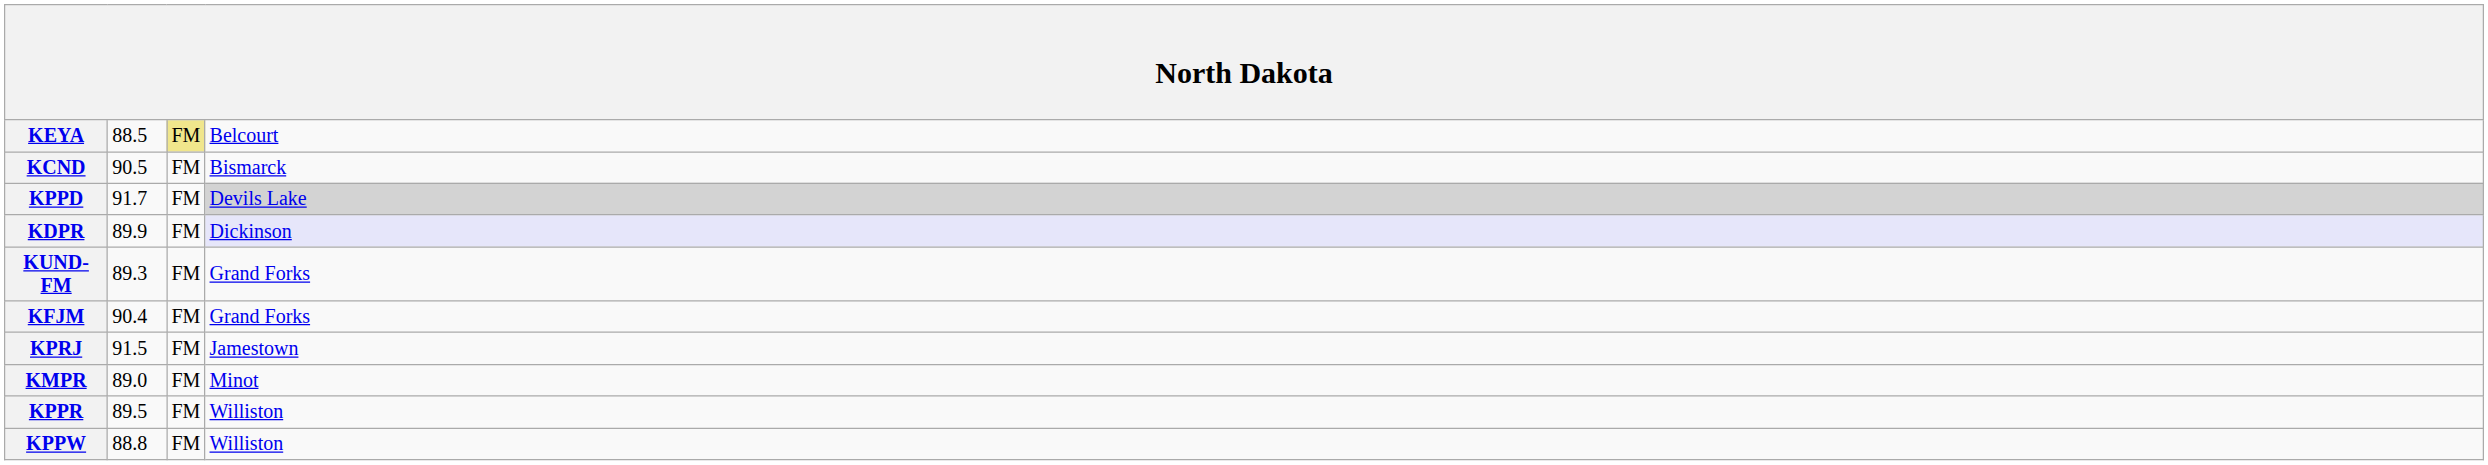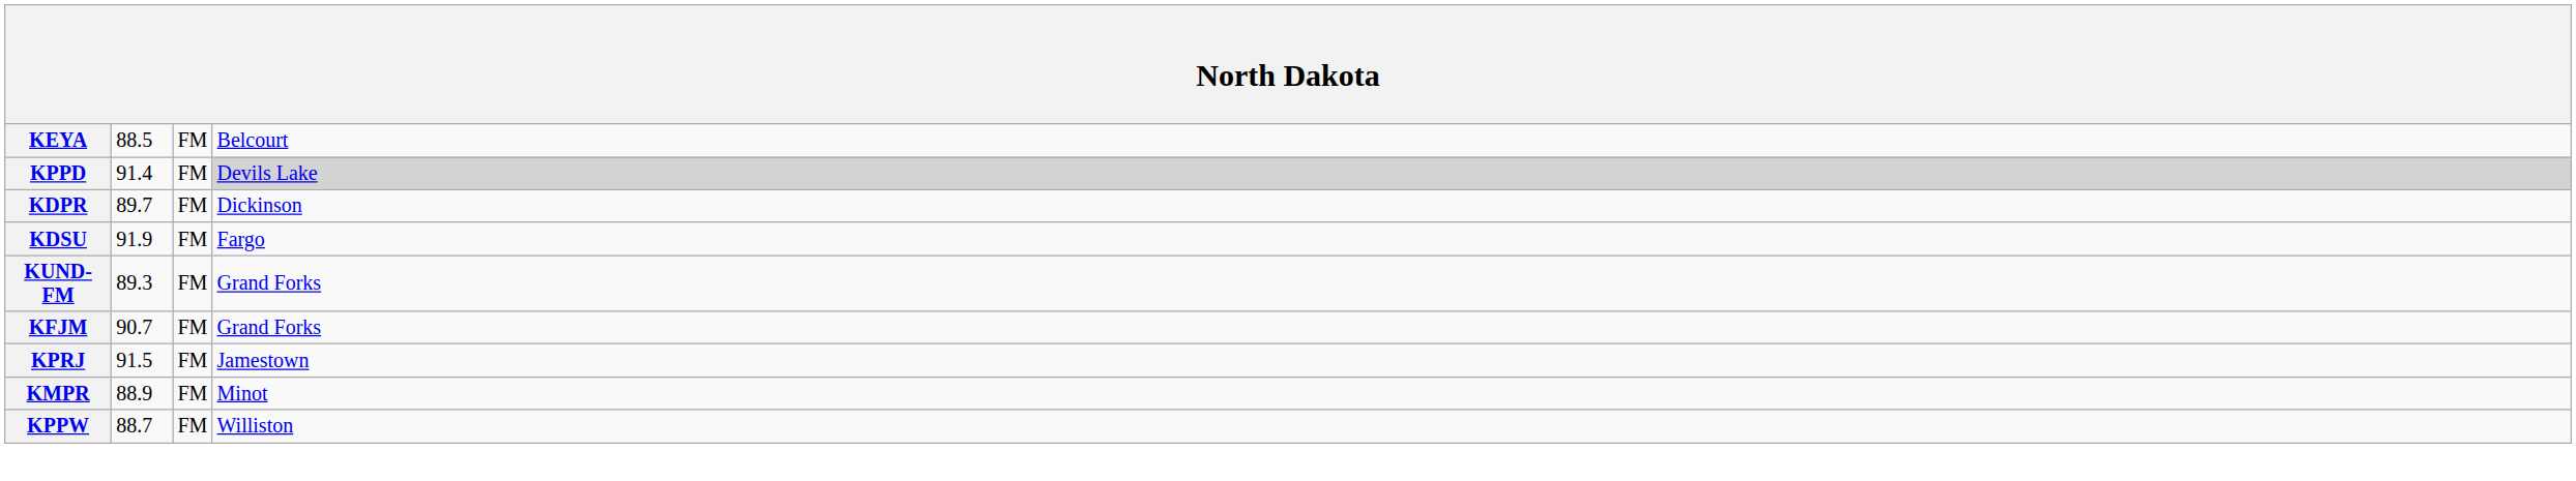 <table class="wikitable mw-collapsible" style="width:100%">
 <tr>
 <th scope="col" colspan="4"><br><h2>North Dakota</h2></th>
 </tr>
 <tr>
 <th scope="row" style="width: 75px;"><a href='#'>KEYA</a></th>
 <td style="width: 40px;">88.5</td>
-<td style="background: khaki; width: 21px;">FM</td>
+<td style="width: 21px;">FM</td>
 <td><a href='#'>Belcourt</a></td>
 </tr>
 <tr>
-<th scope="row"><a href='#'>KCND</a></th>
-<td>90.5</td>
-<td>FM</td>
-<td><a href='#'>Bismarck</a></td>
-</tr>
-<tr>
 <th scope="row"><a href='#'>KPPD</a></th>
-<td>91.7</td>
+<td>91.4</td>
 <td>FM</td>
 <td style="background: lightgrey;"><a href='#'>Devils Lake</a></td>
 </tr>
 <tr>
 <th scope="row"><a href='#'>KDPR</a></th>
-<td>89.9</td>
+<td>89.7</td>
 <td>FM</td>
-<td style="background: lavender;"><a href='#'>Dickinson</a></td>
+<td><a href='#'>Dickinson</a></td>
+</tr>
+<tr>
+<th scope="row"><a href='#'>KDSU</a></th>
+<td>91.9</td>
+<td>FM</td>
+<td><a href='#'>Fargo</a></td>
 </tr>
 <tr>
 <th scope="row"><a href='#'>KUND-FM</a></th>
 <td>89.3</td>
 <td>FM</td>
 <td><a href='#'>Grand Forks</a></td>
 </tr>
 <tr>
 <th scope="row"><a href='#'>KFJM</a></th>
-<td>90.4</td>
+<td>90.7</td>
 <td>FM</td>
 <td><a href='#'>Grand Forks</a></td>
 </tr>
 <tr>
 <th scope="row"><a href='#'>KPRJ</a></th>
 <td>91.5</td>
 <td>FM</td>
 <td><a href='#'>Jamestown</a></td>
 </tr>
 <tr>
 <th scope="row"><a href='#'>KMPR</a></th>
-<td>89.0</td>
+<td>88.9</td>
 <td>FM</td>
 <td><a href='#'>Minot</a></td>
 </tr>
 <tr>
-<th scope="row"><a href='#'>KPPR</a></th>
-<td>89.5</td>
-<td>FM</td>
-<td><a href='#'>Williston</a></td>
-</tr>
-<tr>
 <th scope="row"><a href='#'>KPPW</a></th>
-<td>88.8</td>
+<td>88.7</td>
 <td>FM</td>
 <td><a href='#'>Williston</a></td>
 </tr>
 </table>
